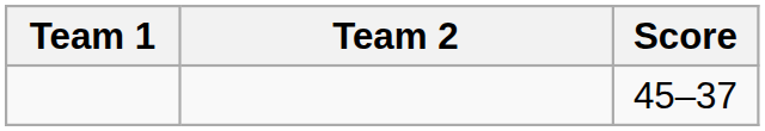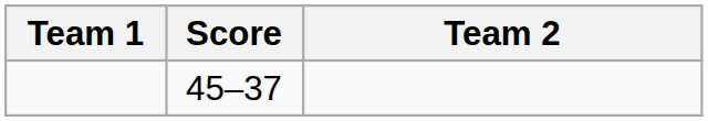 <table class="wikitable" style="text-align: center; font-size:90% ">
 <tr>
 <th align="right" width="60">Team 1</th>
+<th width="50">Score</th>
 <th align="left" width="160">Team 2</th>
-<th width="50">Score</th>
 </tr>
 <tr>
 <td align=right><strong></strong></td>
+<td align=center>45–37</td>
 <td align=left></td>
-<td align=center>45–37</td>
 </tr>
 </table>
